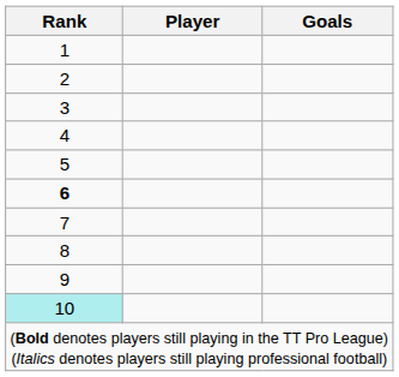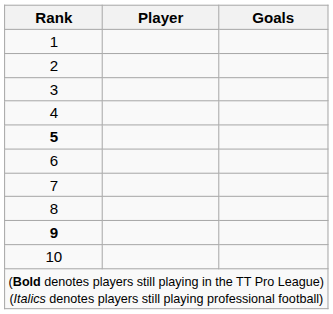 <table class="wikitable unsortable" style="text-align:left;margin-left:1em;float:right; font-size:90%;">
 <tr>
 <th>Rank</th>
 <th>Player</th>
 <th>Goals</th>
 </tr>
 <tr>
 <td rowspan=1 align=center>1</td>
 <td> <strong> <em></em> </strong></td>
 <td></td>
 </tr>
 <tr>
 <td rowspan=1 align=center>2</td>
 <td> <strong> <em></em> </strong></td>
 <td></td>
 </tr>
 <tr>
 <td rowspan=1 align=center>3</td>
 <td> </td>
 <td></td>
 </tr>
 <tr>
 <td rowspan=1 align=center>4</td>
 <td> </td>
 <td></td>
 </tr>
 <tr>
-<td rowspan=1 align=center>5</td>
+<td rowspan=1 align=center><strong>5</strong></td>
 <td> </td>
 <td></td>
 </tr>
 <tr>
-<td rowspan=1 align=center><strong>6</strong></td>
+<td rowspan=1 align=center>6</td>
 <td> <strong> <em></em> </strong></td>
 <td></td>
 </tr>
 <tr>
 <td rowspan=1 align=center>7</td>
 <td> </td>
 <td></td>
 </tr>
 <tr>
 <td rowspan=1 align=center>8</td>
 <td> <strong> <em></em> </strong></td>
 <td></td>
 </tr>
 <tr>
-<td rowspan=1 align=center>9</td>
+<td rowspan=1 align=center><strong>9</strong></td>
 <td> <strong> <em></em> </strong></td>
 <td></td>
 </tr>
 <tr>
-<td rowspan=1 align=center style="background: paleturquoise;">10</td>
+<td rowspan=1 align=center>10</td>
 <td> <strong> <em></em> </strong></td>
 <td></td>
 </tr>
 <tr>
 <td colspan="3" style="text-align:center;"><small>(<strong>Bold</strong> denotes players still playing in the TT Pro League)<br>(<em>Italics</em> denotes players still playing professional football)</small></td>
 </tr>
 </table>
